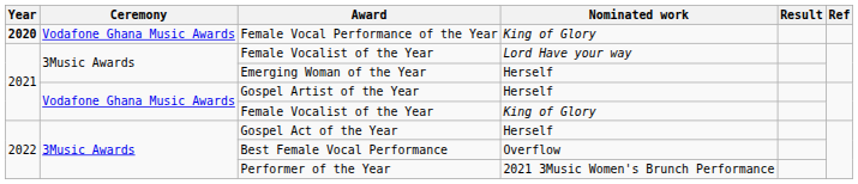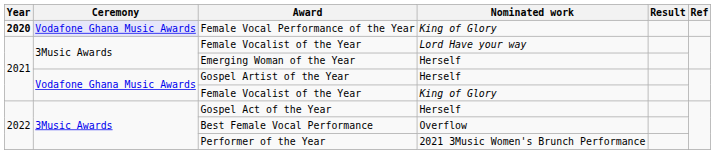 <table class="wikitable">
 <tr>
 <th>Year</th>
 <th>Ceremony</th>
 <th>Award</th>
 <th>Nominated work</th>
 <th>Result</th>
 <th>Ref</th>
 </tr>
 <tr>
 <td><strong>2020</strong></td>
-<td><a href='#'>Vodafone Ghana Music Awards</a></td>
+<td style="background: lavender;"><a href='#'>Vodafone Ghana Music Awards</a></td>
 <td>Female Vocal Performance of the Year</td>
 <td><em>King of Glory</em></td>
 <td></td>
 <td></td>
 </tr>
 <tr>
 <td rowspan="4">2021</td>
 <td rowspan="2">3Music Awards</td>
 <td>Female Vocalist of the Year</td>
 <td><em>Lord Have your way</em></td>
 <td></td>
 <td rowspan="2"></td>
 </tr>
 <tr>
 <td>Emerging Woman of the Year</td>
 <td>Herself</td>
 <td></td>
 </tr>
 <tr>
 <td rowspan="2"><a href='#'>Vodafone Ghana Music Awards</a></td>
 <td>Gospel Artist of the Year</td>
 <td>Herself</td>
 <td></td>
 <td rowspan="2"></td>
 </tr>
 <tr>
 <td>Female Vocalist of the Year</td>
 <td><em>King of Glory</em></td>
 <td></td>
 </tr>
 <tr>
 <td rowspan="3">2022</td>
 <td rowspan="3"><a href='#'>3Music Awards</a></td>
 <td>Gospel Act of the Year</td>
 <td>Herself</td>
 <td></td>
 <td rowspan="3"></td>
 </tr>
 <tr>
 <td>Best Female Vocal Performance</td>
 <td>Overflow</td>
 <td></td>
 </tr>
 <tr>
 <td>Performer of the Year</td>
 <td>2021 3Music Women's Brunch Performance</td>
 <td></td>
 </tr>
 </table>
